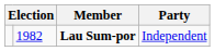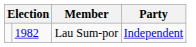 <table class="wikitable">
 <tr>
 <th colspan="2">Election</th>
 <th>Member</th>
 <th>Party</th>
 </tr>
 <tr>
 <td style="background-color: "></td>
 <td><a href='#'>1982</a></td>
-<td><strong>Lau Sum-por</strong></td>
+<td>Lau Sum-por</td>
 <td><a href='#'>Independent</a></td>
 </tr>
 </table>
